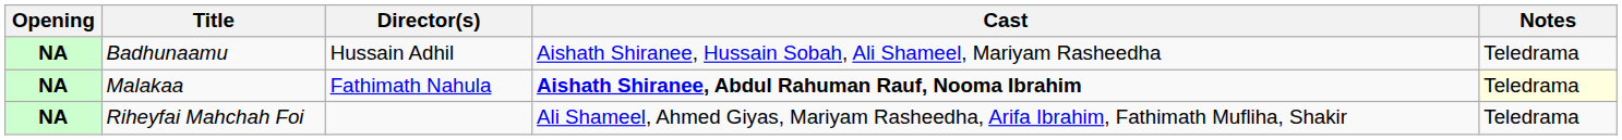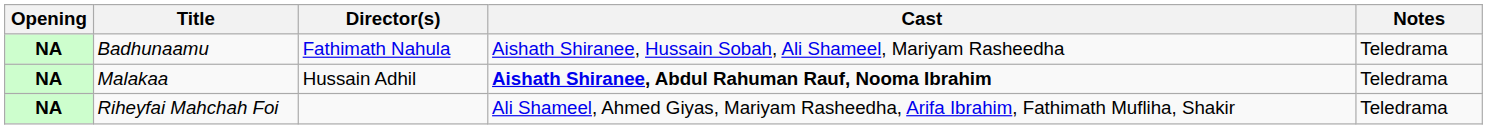 <table class="wikitable plainrowheaders" width="100%">
 <tr>
 <th scope="col" width="4%" colspan="2">Opening</th>
 <th scope="col" width=13%>Title</th>
 <th scope="col" width=12%>Director(s)</th>
 <th scope="col" width=55%>Cast</th>
 <th scope="col" width=8%>Notes</th>
 </tr>
 <tr>
 <td style="text-align:center; textcolor:#000; background:#cdfecd;" colspan="2"><strong>NA</strong></td>
 <td><em>Badhunaamu</em></td>
-<td>Hussain Adhil</td>
+<td><a href='#'>Fathimath Nahula</a></td>
 <td><a href='#'>Aishath Shiranee</a>, <a href='#'>Hussain Sobah</a>, <a href='#'>Ali Shameel</a>, Mariyam Rasheedha</td>
 <td>Teledrama</td>
 </tr>
 <tr>
 <td style="text-align:center; textcolor:#000; background:#cdfecd;" colspan="2"><strong>NA</strong></td>
 <td><em>Malakaa</em></td>
-<td><a href='#'>Fathimath Nahula</a></td>
+<td>Hussain Adhil</td>
 <td><strong><a href='#'>Aishath Shiranee</a>, Abdul Rahuman Rauf, Nooma Ibrahim</strong></td>
-<td style="background: lightyellow;">Teledrama</td>
+<td>Teledrama</td>
 </tr>
 <tr>
 <td style="text-align:center; textcolor:#000; background:#cdfecd;" colspan="2"><strong>NA</strong></td>
 <td><em>Riheyfai Mahchah Foi</em></td>
 <td></td>
 <td><a href='#'>Ali Shameel</a>, Ahmed Giyas, Mariyam Rasheedha, <a href='#'>Arifa Ibrahim</a>, Fathimath Mufliha, Shakir</td>
 <td>Teledrama</td>
 </tr>
 </table>
